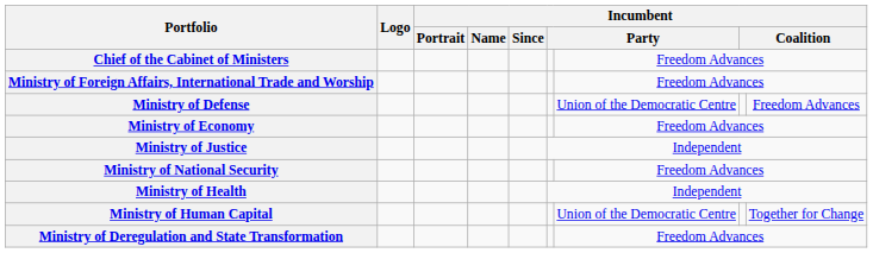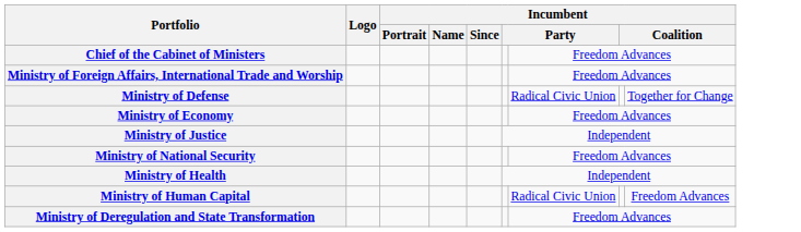 <table class="wikitable plainrowheaders sortable" style="text-align:center">
 <tr>
 <th scope="col" rowspan="2">Portfolio</th>
 <th scope="col" rowspan="2" class="unsortable">Logo</th>
 <th scope="col" colspan="7">Incumbent</th>
 </tr>
 <tr>
 <th scope="col" class="unsortable">Portrait</th>
 <th scope="col">Name</th>
 <th scope="col">Since</th>
 <th scope="col" colspan="2">Party</th>
 <th scope="col" colspan="2">Coalition</th>
 </tr>
 <tr>
 <th scope="row"><a href='#'>Chief of the Cabinet of Ministers</a></th>
 <td></td>
 <td></td>
 <td></td>
 <td></td>
 <td></td>
 <td colspan="4"><a href='#'>Freedom Advances</a></td>
 </tr>
 <tr>
 <th scope="row"><a href='#'>Ministry of Foreign Affairs, International Trade and Worship</a></th>
 <td></td>
 <td></td>
 <td></td>
 <td></td>
 <td></td>
 <td colspan="4"><a href='#'>Freedom Advances</a></td>
 </tr>
 <tr>
 <th scope="row"><a href='#'>Ministry of Defense</a></th>
 <td></td>
 <td></td>
 <td></td>
 <td></td>
 <td></td>
-<td><a href='#'>Union of the Democratic Centre</a></td>
+<td><a href='#'>Radical Civic Union</a></td>
 <td></td>
-<td><a href='#'>Freedom Advances</a></td>
+<td><a href='#'>Together for Change</a></td>
 </tr>
 <tr>
 <th scope="row"><a href='#'>Ministry of Economy</a></th>
 <td></td>
 <td></td>
 <td></td>
 <td></td>
 <td></td>
 <td colspan="4"><a href='#'>Freedom Advances</a></td>
 </tr>
 <tr>
 <th scope="row"><a href='#'>Ministry of Justice</a></th>
 <td></td>
 <td></td>
 <td></td>
 <td></td>
 <td colspan="4"><a href='#'>Independent</a></td>
 </tr>
 <tr>
 <th scope="row"><a href='#'>Ministry of National Security</a></th>
 <td></td>
 <td></td>
 <td></td>
 <td></td>
 <td></td>
 <td colspan="4"><a href='#'>Freedom Advances</a></td>
 </tr>
 <tr>
 <th scope="row"><a href='#'>Ministry of Health</a></th>
 <td></td>
 <td></td>
 <td></td>
 <td></td>
 <td colspan="4"><a href='#'>Independent</a></td>
 </tr>
 <tr>
 <th scope="row"><a href='#'>Ministry of Human Capital</a></th>
 <td></td>
 <td></td>
 <td></td>
 <td></td>
 <td></td>
-<td><a href='#'>Union of the Democratic Centre</a></td>
+<td><a href='#'>Radical Civic Union</a></td>
 <td></td>
-<td><a href='#'>Together for Change</a></td>
+<td><a href='#'>Freedom Advances</a></td>
 </tr>
 <tr>
 <th scope="row"><a href='#'>Ministry of Deregulation and State Transformation</a></th>
 <td></td>
 <td></td>
 <td></td>
 <td></td>
 <td></td>
 <td colspan="4"><a href='#'>Freedom Advances</a></td>
 </tr>
 </table>
